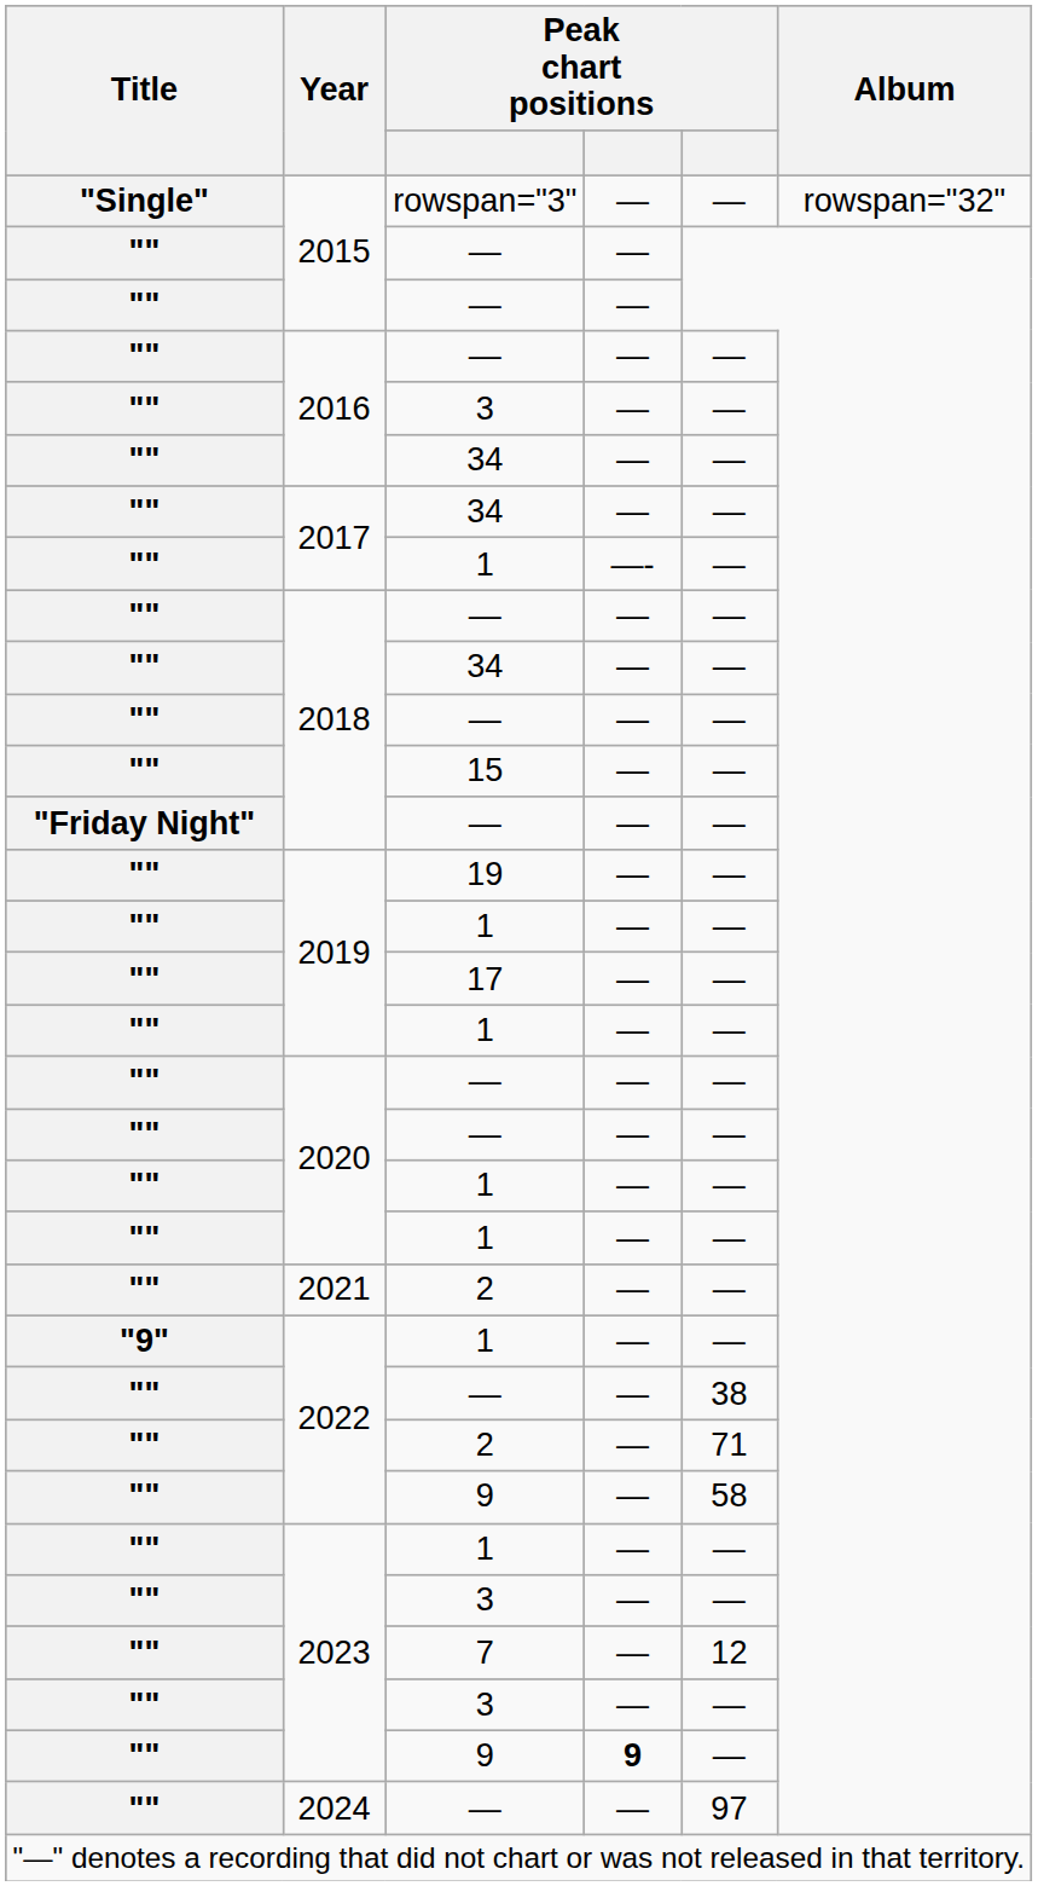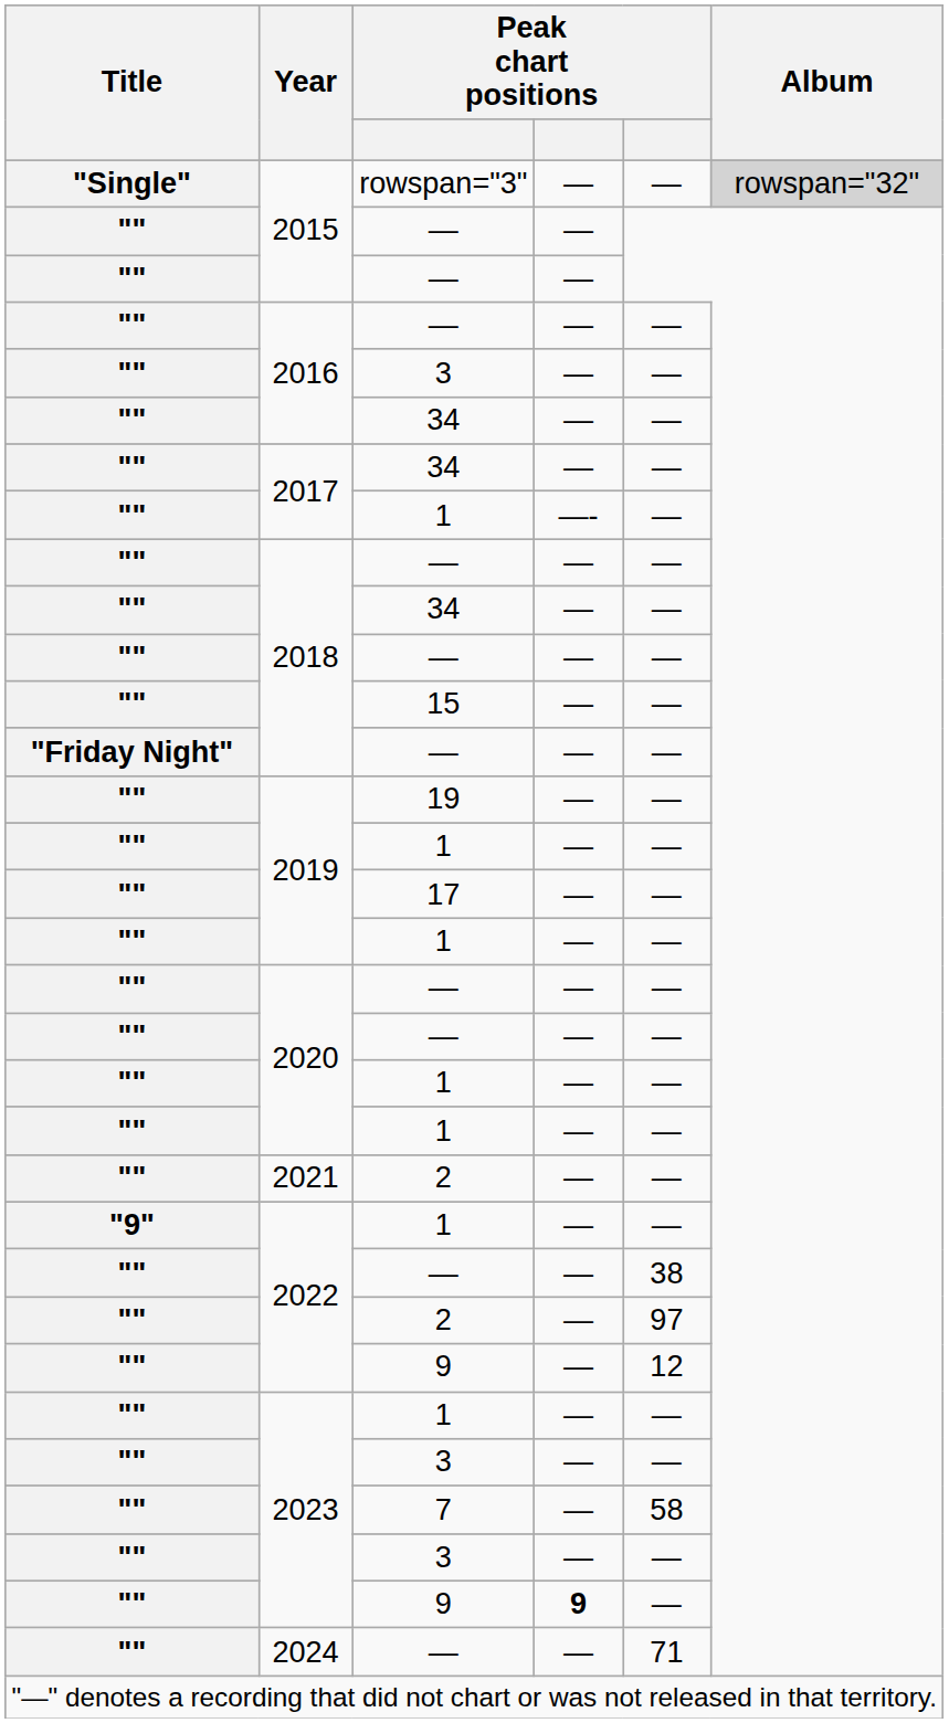 <table class="wikitable plainrowheaders" style="text-align:center;">
 <tr>
 <th scope="col" rowspan="2">Title</th>
 <th scope="col" rowspan="2">Year</th>
 <th scope="col" colspan="3">Peak<br>chart<br>positions</th>
 <th scope="col" rowspan="2">Album</th>
 </tr>
 <tr>
 <th style="width:3em; font-size:85%;"><a href='#'></a><br></th>
 <th style="width:3em; font-size:85%;"><a href='#'></a><br></th>
 <th style="width:3em; font-size:85%;"><a href='#'></a><br></th>
 </tr>
 <tr>
 <th scope="row">"Single"<br></th>
 <td rowspan="3">2015</td>
 <td>rowspan="3" </td>
 <td>—</td>
 <td>—</td>
-<td>rowspan="32" </td>
+<td style="background: lightgrey;">rowspan="32" </td>
 </tr>
 <tr>
 <th scope="row">""</th>
 <td>—</td>
 <td>—</td>
 </tr>
 <tr>
 <th scope="row">""</th>
 <td>—</td>
 <td>—</td>
 </tr>
 <tr>
 <th scope="row">""</th>
 <td rowspan="3">2016</td>
 <td>—</td>
 <td>—</td>
 <td>—</td>
 </tr>
 <tr>
 <th scope="row">""</th>
 <td>3</td>
 <td>—</td>
 <td>—</td>
 </tr>
 <tr>
 <th scope="row">""</th>
 <td>34</td>
 <td>—</td>
 <td>—</td>
 </tr>
 <tr>
 <th scope="row">""</th>
 <td rowspan="2">2017</td>
 <td>34</td>
 <td>—</td>
 <td>—</td>
 </tr>
 <tr>
 <th scope="row">""<br></th>
 <td>1</td>
 <td>—-</td>
 <td>—</td>
 </tr>
 <tr>
 <th scope="row">""</th>
 <td rowspan="5">2018</td>
 <td>—</td>
 <td>—</td>
 <td>—</td>
 </tr>
 <tr>
 <th scope="row">""</th>
 <td>34</td>
 <td>—</td>
 <td>—</td>
 </tr>
 <tr>
 <th scope="row">""</th>
 <td>—</td>
 <td>—</td>
 <td>—</td>
 </tr>
 <tr>
 <th scope="row">""</th>
 <td>15</td>
 <td>—</td>
 <td>—</td>
 </tr>
 <tr>
 <th scope="row">"Friday Night"<br></th>
 <td>—</td>
 <td>—</td>
 <td>—</td>
 </tr>
 <tr>
 <th scope="row">""</th>
 <td rowspan="4">2019</td>
 <td>19</td>
 <td>—</td>
 <td>—</td>
 </tr>
 <tr>
 <th scope="row">""</th>
 <td>1</td>
 <td>—</td>
 <td>—</td>
 </tr>
 <tr>
 <th scope="row">""</th>
 <td>17</td>
 <td>—</td>
 <td>—</td>
 </tr>
 <tr>
 <th scope="row">""</th>
 <td>1</td>
 <td>—</td>
 <td>—</td>
 </tr>
 <tr>
 <th scope="row">""</th>
 <td rowspan="4">2020</td>
 <td>—</td>
 <td>—</td>
 <td>—</td>
 </tr>
 <tr>
 <th scope="row">""<br></th>
 <td>—</td>
 <td>—</td>
 <td>—</td>
 </tr>
 <tr>
 <th scope="row">""</th>
 <td>1</td>
 <td>—</td>
 <td>—</td>
 </tr>
 <tr>
 <th scope="row">""</th>
 <td>1</td>
 <td>—</td>
 <td>—</td>
 </tr>
 <tr>
 <th scope="row">""</th>
 <td rowspan="1">2021</td>
 <td>2</td>
 <td>—</td>
 <td>—</td>
 </tr>
 <tr>
 <th scope="row">"9"</th>
 <td rowspan="4">2022</td>
 <td>1</td>
 <td>—</td>
 <td>—</td>
 </tr>
 <tr>
 <th scope="row">""<br></th>
 <td>—</td>
 <td>—</td>
 <td>38</td>
 </tr>
 <tr>
 <th scope="row">""</th>
 <td>2</td>
 <td>—</td>
-<td>71</td>
+<td>97</td>
 </tr>
 <tr>
 <th scope="row">""<br></th>
 <td>9</td>
 <td>—</td>
-<td>58</td>
+<td>12</td>
 </tr>
 <tr>
 <th scope="row">""</th>
 <td rowspan="5">2023</td>
 <td>1</td>
 <td>—</td>
 <td>—</td>
 </tr>
 <tr>
 <th scope="row">""</th>
 <td>3</td>
 <td>—</td>
 <td>—</td>
 </tr>
 <tr>
 <th scope="row">""<br></th>
 <td>7</td>
 <td>—</td>
-<td>12</td>
+<td>58</td>
 </tr>
 <tr>
 <th scope="row">""</th>
 <td>3</td>
 <td>—</td>
 <td>—</td>
 </tr>
 <tr>
 <th scope="row">""<br></th>
 <td>9</td>
 <td><strong>9</strong></td>
 <td>—</td>
 </tr>
 <tr>
 <th scope="row">""</th>
 <td>2024</td>
 <td>—</td>
 <td>—</td>
-<td>97</td>
+<td>71</td>
 </tr>
 <tr>
 <td colspan="6" style="font-size:90%">"—" denotes a recording that did not chart or was not released in that territory.</td>
 </tr>
 </table>
